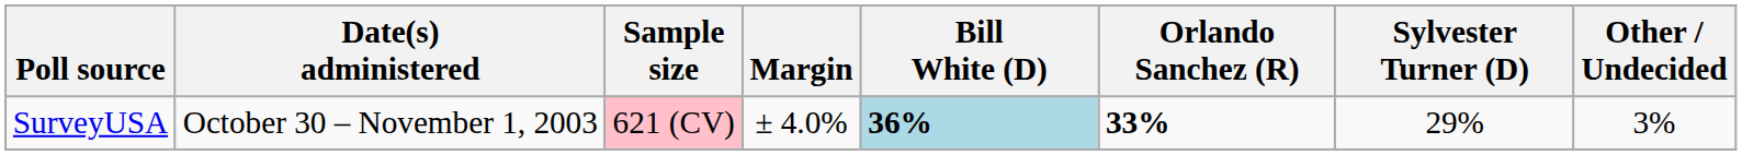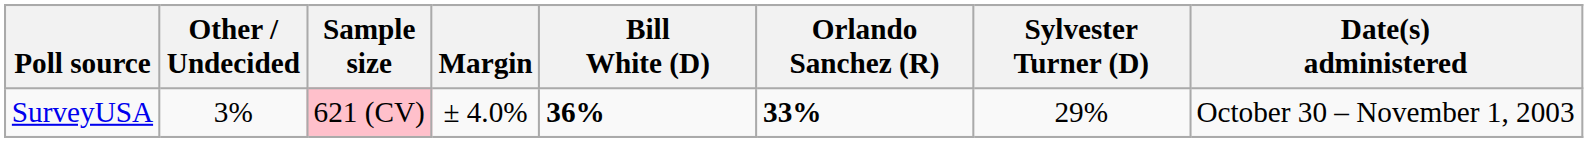 <table class="wikitable" style="font-size:90%">
 <tr valign=bottom>
 <th>Poll source</th>
-<th>Date(s)<br>administered</th>
+<th>Other /<br>Undecided</th>
 <th>Sample<br>size</th>
 <th>Margin<br></th>
 <th style="width:100px;">Bill<br>White (D)</th>
 <th style="width:100px;">Orlando<br>Sanchez (R)</th>
 <th style="width:100px;">Sylvester<br>Turner (D)</th>
-<th>Other /<br>Undecided</th>
+<th>Date(s)<br>administered</th>
 </tr>
 <tr>
 <td><a href='#'>SurveyUSA</a></td>
-<td align=center>October 30 – November 1, 2003</td>
+<td align=center>3%</td>
 <td align=center style="background: pink;">621 (CV)</td>
 <td align=center>± 4.0%</td>
-<td style="background: lightblue;"><strong>36%</strong></td>
+<td><strong>36%</strong></td>
 <td><strong>33%</strong></td>
 <td align=center>29%</td>
-<td align=center>3%</td>
+<td align=center>October 30 – November 1, 2003</td>
 </tr>
 </table>
